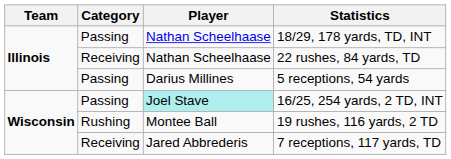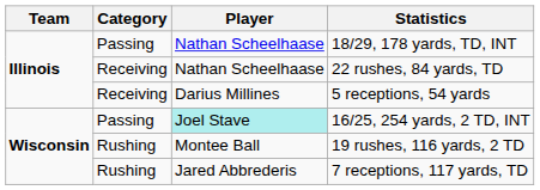 <table class="wikitable" style="float: right;">
 <tr>
 <th>Team</th>
 <th>Category</th>
 <th>Player</th>
 <th>Statistics</th>
 </tr>
 <tr>
 <td rowspan=3><strong>Illinois</strong></td>
 <td>Passing</td>
 <td><a href='#'>Nathan Scheelhaase</a></td>
 <td>18/29, 178 yards, TD, INT</td>
 </tr>
 <tr>
 <td>Receiving</td>
 <td>Nathan Scheelhaase</td>
 <td>22 rushes, 84 yards, TD</td>
 </tr>
 <tr>
-<td>Passing</td>
+<td>Receiving</td>
 <td>Darius Millines</td>
 <td>5 receptions, 54 yards</td>
 </tr>
 <tr>
 <td rowspan=3><strong>Wisconsin</strong></td>
 <td>Passing</td>
 <td style="background: paleturquoise;">Joel Stave</td>
 <td>16/25, 254 yards, 2 TD, INT</td>
 </tr>
 <tr>
 <td>Rushing</td>
 <td>Montee Ball</td>
 <td>19 rushes, 116 yards, 2 TD</td>
 </tr>
 <tr>
-<td>Receiving</td>
+<td>Rushing</td>
 <td>Jared Abbrederis</td>
 <td>7 receptions, 117 yards, TD</td>
 </tr>
 </table>
